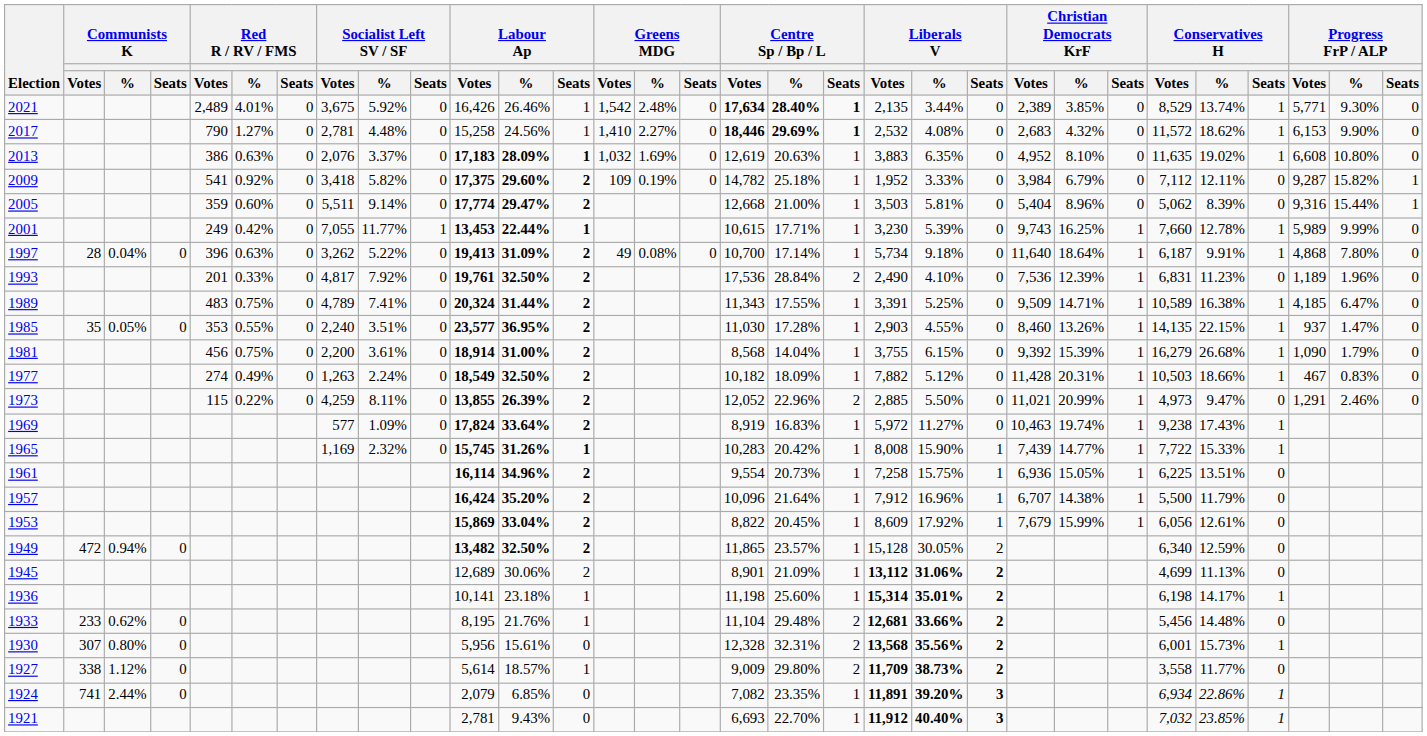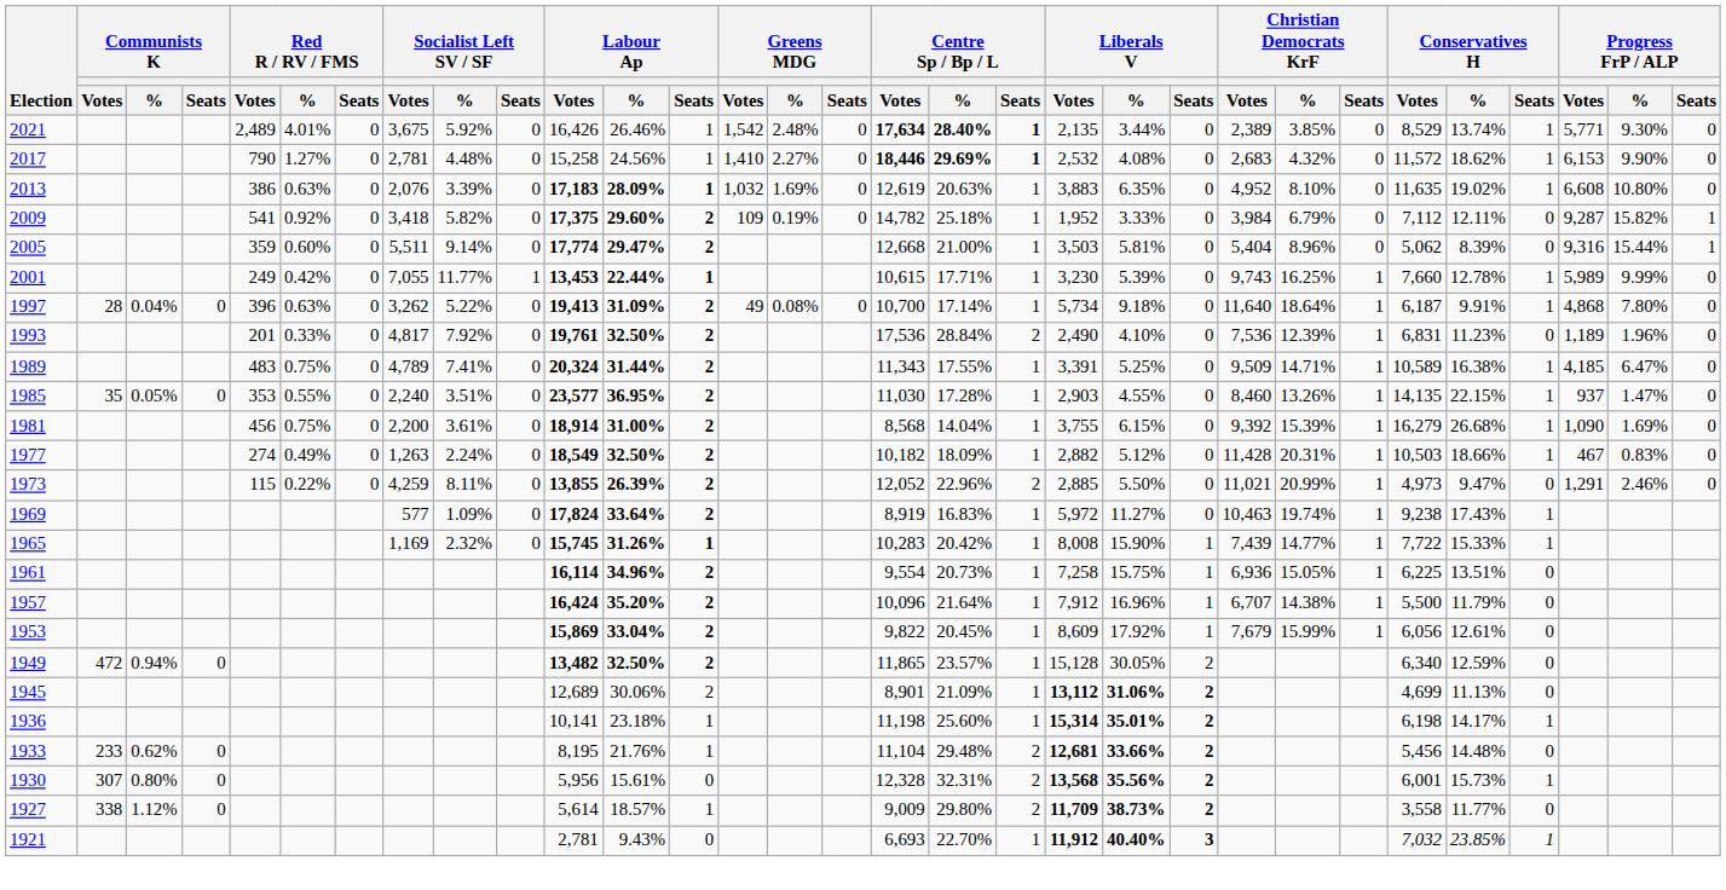 <table class="wikitable" border="1" style="font-size:80%; text-align:right;">
 <tr>
 <th style="text-align:left;" valign=bottom rowspan=3>Election</th>
 <th valign=bottom colspan=3><a href='#'>Communists</a><br>K</th>
 <th valign=bottom colspan=3><a href='#'>Red</a><br>R / RV / FMS</th>
 <th valign=bottom colspan=3><a href='#'>Socialist Left</a><br>SV / SF</th>
 <th valign=bottom colspan=3><a href='#'>Labour</a><br>Ap</th>
 <th valign=bottom colspan=3><a href='#'>Greens</a><br>MDG</th>
 <th valign=bottom colspan=3><a href='#'>Centre</a><br>Sp / Bp / L</th>
 <th valign=bottom colspan=3><a href='#'>Liberals</a><br>V</th>
 <th valign=bottom colspan=3><a href='#'>Christian<br>Democrats</a><br>KrF</th>
 <th valign=bottom colspan=3><a href='#'>Conservatives</a><br>H</th>
 <th valign=bottom colspan=3><a href='#'>Progress</a><br>FrP / ALP</th>
 </tr>
 <tr>
 <th colspan=3 style="background:"></th>
 <th colspan=3 style="background:"></th>
 <th colspan=3 style="background:"></th>
 <th colspan=3 style="background:"></th>
 <th colspan=3 style="background:"></th>
 <th colspan=3 style="background:"></th>
 <th colspan=3 style="background:"></th>
 <th colspan=3 style="background:"></th>
 <th colspan=3 style="background:"></th>
 <th colspan=3 style="background:"></th>
 </tr>
 <tr>
 <th>Votes</th>
 <th>%</th>
 <th>Seats</th>
 <th>Votes</th>
 <th>%</th>
 <th>Seats</th>
 <th>Votes</th>
 <th>%</th>
 <th>Seats</th>
 <th>Votes</th>
 <th>%</th>
 <th>Seats</th>
 <th>Votes</th>
 <th>%</th>
 <th>Seats</th>
 <th>Votes</th>
 <th>%</th>
 <th>Seats</th>
 <th>Votes</th>
 <th>%</th>
 <th>Seats</th>
 <th>Votes</th>
 <th>%</th>
 <th>Seats</th>
 <th>Votes</th>
 <th>%</th>
 <th>Seats</th>
 <th>Votes</th>
 <th>%</th>
 <th>Seats</th>
 </tr>
 <tr>
 <td align=left><a href='#'>2021</a></td>
 <td></td>
 <td></td>
 <td></td>
 <td>2,489</td>
 <td>4.01%</td>
 <td>0</td>
 <td>3,675</td>
 <td>5.92%</td>
 <td>0</td>
 <td>16,426</td>
 <td>26.46%</td>
 <td>1</td>
 <td>1,542</td>
 <td>2.48%</td>
 <td>0</td>
 <td><strong>17,634</strong></td>
 <td><strong>28.40%</strong></td>
 <td><strong>1</strong></td>
 <td>2,135</td>
 <td>3.44%</td>
 <td>0</td>
 <td>2,389</td>
 <td>3.85%</td>
 <td>0</td>
 <td>8,529</td>
 <td>13.74%</td>
 <td>1</td>
 <td>5,771</td>
 <td>9.30%</td>
 <td>0</td>
 </tr>
 <tr>
 <td align=left><a href='#'>2017</a></td>
 <td></td>
 <td></td>
 <td></td>
 <td>790</td>
 <td>1.27%</td>
 <td>0</td>
 <td>2,781</td>
 <td>4.48%</td>
 <td>0</td>
 <td>15,258</td>
 <td>24.56%</td>
 <td>1</td>
 <td>1,410</td>
 <td>2.27%</td>
 <td>0</td>
 <td><strong>18,446</strong></td>
 <td><strong>29.69%</strong></td>
 <td><strong>1</strong></td>
 <td>2,532</td>
 <td>4.08%</td>
 <td>0</td>
 <td>2,683</td>
 <td>4.32%</td>
 <td>0</td>
 <td>11,572</td>
 <td>18.62%</td>
 <td>1</td>
 <td>6,153</td>
 <td>9.90%</td>
 <td>0</td>
 </tr>
 <tr>
 <td align=left><a href='#'>2013</a></td>
 <td></td>
 <td></td>
 <td></td>
 <td>386</td>
 <td>0.63%</td>
 <td>0</td>
 <td>2,076</td>
-<td>3.37%</td>
+<td>3.39%</td>
 <td>0</td>
 <td><strong>17,183</strong></td>
 <td><strong>28.09%</strong></td>
 <td><strong>1</strong></td>
 <td>1,032</td>
 <td>1.69%</td>
 <td>0</td>
 <td>12,619</td>
 <td>20.63%</td>
 <td>1</td>
 <td>3,883</td>
 <td>6.35%</td>
 <td>0</td>
 <td>4,952</td>
 <td>8.10%</td>
 <td>0</td>
 <td>11,635</td>
 <td>19.02%</td>
 <td>1</td>
 <td>6,608</td>
 <td>10.80%</td>
 <td>0</td>
 </tr>
 <tr>
 <td align=left><a href='#'>2009</a></td>
 <td></td>
 <td></td>
 <td></td>
 <td>541</td>
 <td>0.92%</td>
 <td>0</td>
 <td>3,418</td>
 <td>5.82%</td>
 <td>0</td>
 <td><strong>17,375</strong></td>
 <td><strong>29.60%</strong></td>
 <td><strong>2</strong></td>
 <td>109</td>
 <td>0.19%</td>
 <td>0</td>
 <td>14,782</td>
 <td>25.18%</td>
 <td>1</td>
 <td>1,952</td>
 <td>3.33%</td>
 <td>0</td>
 <td>3,984</td>
 <td>6.79%</td>
 <td>0</td>
 <td>7,112</td>
 <td>12.11%</td>
 <td>0</td>
 <td>9,287</td>
 <td>15.82%</td>
 <td>1</td>
 </tr>
 <tr>
 <td align=left><a href='#'>2005</a></td>
 <td></td>
 <td></td>
 <td></td>
 <td>359</td>
 <td>0.60%</td>
 <td>0</td>
 <td>5,511</td>
 <td>9.14%</td>
 <td>0</td>
 <td><strong>17,774</strong></td>
 <td><strong>29.47%</strong></td>
 <td><strong>2</strong></td>
 <td></td>
 <td></td>
 <td></td>
 <td>12,668</td>
 <td>21.00%</td>
 <td>1</td>
 <td>3,503</td>
 <td>5.81%</td>
 <td>0</td>
 <td>5,404</td>
 <td>8.96%</td>
 <td>0</td>
 <td>5,062</td>
 <td>8.39%</td>
 <td>0</td>
 <td>9,316</td>
 <td>15.44%</td>
 <td>1</td>
 </tr>
 <tr>
 <td align=left><a href='#'>2001</a></td>
 <td></td>
 <td></td>
 <td></td>
 <td>249</td>
 <td>0.42%</td>
 <td>0</td>
 <td>7,055</td>
 <td>11.77%</td>
 <td>1</td>
 <td><strong>13,453</strong></td>
 <td><strong>22.44%</strong></td>
 <td><strong>1</strong></td>
 <td></td>
 <td></td>
 <td></td>
 <td>10,615</td>
 <td>17.71%</td>
 <td>1</td>
 <td>3,230</td>
 <td>5.39%</td>
 <td>0</td>
 <td>9,743</td>
 <td>16.25%</td>
 <td>1</td>
 <td>7,660</td>
 <td>12.78%</td>
 <td>1</td>
 <td>5,989</td>
 <td>9.99%</td>
 <td>0</td>
 </tr>
 <tr>
 <td align=left><a href='#'>1997</a></td>
 <td>28</td>
 <td>0.04%</td>
 <td>0</td>
 <td>396</td>
 <td>0.63%</td>
 <td>0</td>
 <td>3,262</td>
 <td>5.22%</td>
 <td>0</td>
 <td><strong>19,413</strong></td>
 <td><strong>31.09%</strong></td>
 <td><strong>2</strong></td>
 <td>49</td>
 <td>0.08%</td>
 <td>0</td>
 <td>10,700</td>
 <td>17.14%</td>
 <td>1</td>
 <td>5,734</td>
 <td>9.18%</td>
 <td>0</td>
 <td>11,640</td>
 <td>18.64%</td>
 <td>1</td>
 <td>6,187</td>
 <td>9.91%</td>
 <td>1</td>
 <td>4,868</td>
 <td>7.80%</td>
 <td>0</td>
 </tr>
 <tr>
 <td align=left><a href='#'>1993</a></td>
 <td></td>
 <td></td>
 <td></td>
 <td>201</td>
 <td>0.33%</td>
 <td>0</td>
 <td>4,817</td>
 <td>7.92%</td>
 <td>0</td>
 <td><strong>19,761</strong></td>
 <td><strong>32.50%</strong></td>
 <td><strong>2</strong></td>
 <td></td>
 <td></td>
 <td></td>
 <td>17,536</td>
 <td>28.84%</td>
 <td>2</td>
 <td>2,490</td>
 <td>4.10%</td>
 <td>0</td>
 <td>7,536</td>
 <td>12.39%</td>
 <td>1</td>
 <td>6,831</td>
 <td>11.23%</td>
 <td>0</td>
 <td>1,189</td>
 <td>1.96%</td>
 <td>0</td>
 </tr>
 <tr>
 <td align=left><a href='#'>1989</a></td>
 <td></td>
 <td></td>
 <td></td>
 <td>483</td>
 <td>0.75%</td>
 <td>0</td>
 <td>4,789</td>
 <td>7.41%</td>
 <td>0</td>
 <td><strong>20,324</strong></td>
 <td><strong>31.44%</strong></td>
 <td><strong>2</strong></td>
 <td></td>
 <td></td>
 <td></td>
 <td>11,343</td>
 <td>17.55%</td>
 <td>1</td>
 <td>3,391</td>
 <td>5.25%</td>
 <td>0</td>
 <td>9,509</td>
 <td>14.71%</td>
 <td>1</td>
 <td>10,589</td>
 <td>16.38%</td>
 <td>1</td>
 <td>4,185</td>
 <td>6.47%</td>
 <td>0</td>
 </tr>
 <tr>
 <td align=left><a href='#'>1985</a></td>
 <td>35</td>
 <td>0.05%</td>
 <td>0</td>
 <td>353</td>
 <td>0.55%</td>
 <td>0</td>
 <td>2,240</td>
 <td>3.51%</td>
 <td>0</td>
 <td><strong>23,577</strong></td>
 <td><strong>36.95%</strong></td>
 <td><strong>2</strong></td>
 <td></td>
 <td></td>
 <td></td>
 <td>11,030</td>
 <td>17.28%</td>
 <td>1</td>
 <td>2,903</td>
 <td>4.55%</td>
 <td>0</td>
 <td>8,460</td>
 <td>13.26%</td>
 <td>1</td>
 <td>14,135</td>
 <td>22.15%</td>
 <td>1</td>
 <td>937</td>
 <td>1.47%</td>
 <td>0</td>
 </tr>
 <tr>
 <td align=left><a href='#'>1981</a></td>
 <td></td>
 <td></td>
 <td></td>
 <td>456</td>
 <td>0.75%</td>
 <td>0</td>
 <td>2,200</td>
 <td>3.61%</td>
 <td>0</td>
 <td><strong>18,914</strong></td>
 <td><strong>31.00%</strong></td>
 <td><strong>2</strong></td>
 <td></td>
 <td></td>
 <td></td>
 <td>8,568</td>
 <td>14.04%</td>
 <td>1</td>
 <td>3,755</td>
 <td>6.15%</td>
 <td>0</td>
 <td>9,392</td>
 <td>15.39%</td>
 <td>1</td>
 <td>16,279</td>
 <td>26.68%</td>
 <td>1</td>
 <td>1,090</td>
-<td>1.79%</td>
+<td>1.69%</td>
 <td>0</td>
 </tr>
 <tr>
 <td align=left><a href='#'>1977</a></td>
 <td></td>
 <td></td>
 <td></td>
 <td>274</td>
 <td>0.49%</td>
 <td>0</td>
 <td>1,263</td>
 <td>2.24%</td>
 <td>0</td>
 <td><strong>18,549</strong></td>
 <td><strong>32.50%</strong></td>
 <td><strong>2</strong></td>
 <td></td>
 <td></td>
 <td></td>
 <td>10,182</td>
 <td>18.09%</td>
 <td>1</td>
-<td>7,882</td>
+<td>2,882</td>
 <td>5.12%</td>
 <td>0</td>
 <td>11,428</td>
 <td>20.31%</td>
 <td>1</td>
 <td>10,503</td>
 <td>18.66%</td>
 <td>1</td>
 <td>467</td>
 <td>0.83%</td>
 <td>0</td>
 </tr>
 <tr>
 <td align=left><a href='#'>1973</a></td>
 <td></td>
 <td></td>
 <td></td>
 <td>115</td>
 <td>0.22%</td>
 <td>0</td>
 <td>4,259</td>
 <td>8.11%</td>
 <td>0</td>
 <td><strong>13,855</strong></td>
 <td><strong>26.39%</strong></td>
 <td><strong>2</strong></td>
 <td></td>
 <td></td>
 <td></td>
 <td>12,052</td>
 <td>22.96%</td>
 <td>2</td>
 <td>2,885</td>
 <td>5.50%</td>
 <td>0</td>
 <td>11,021</td>
 <td>20.99%</td>
 <td>1</td>
 <td>4,973</td>
 <td>9.47%</td>
 <td>0</td>
 <td>1,291</td>
 <td>2.46%</td>
 <td>0</td>
 </tr>
 <tr>
 <td align=left><a href='#'>1969</a></td>
 <td></td>
 <td></td>
 <td></td>
 <td></td>
 <td></td>
 <td></td>
 <td>577</td>
 <td>1.09%</td>
 <td>0</td>
 <td><strong>17,824</strong></td>
 <td><strong>33.64%</strong></td>
 <td><strong>2</strong></td>
 <td></td>
 <td></td>
 <td></td>
 <td>8,919</td>
 <td>16.83%</td>
 <td>1</td>
 <td>5,972</td>
 <td>11.27%</td>
 <td>0</td>
 <td>10,463</td>
 <td>19.74%</td>
 <td>1</td>
 <td>9,238</td>
 <td>17.43%</td>
 <td>1</td>
 <td></td>
 <td></td>
 <td></td>
 </tr>
 <tr>
 <td align=left><a href='#'>1965</a></td>
 <td></td>
 <td></td>
 <td></td>
 <td></td>
 <td></td>
 <td></td>
 <td>1,169</td>
 <td>2.32%</td>
 <td>0</td>
 <td><strong>15,745</strong></td>
 <td><strong>31.26%</strong></td>
 <td><strong>1</strong></td>
 <td></td>
 <td></td>
 <td></td>
 <td>10,283</td>
 <td>20.42%</td>
 <td>1</td>
 <td>8,008</td>
 <td>15.90%</td>
 <td>1</td>
 <td>7,439</td>
 <td>14.77%</td>
 <td>1</td>
 <td>7,722</td>
 <td>15.33%</td>
 <td>1</td>
 <td></td>
 <td></td>
 <td></td>
 </tr>
 <tr>
 <td align=left><a href='#'>1961</a></td>
 <td></td>
 <td></td>
 <td></td>
 <td></td>
 <td></td>
 <td></td>
 <td></td>
 <td></td>
 <td></td>
 <td><strong>16,114</strong></td>
 <td><strong>34.96%</strong></td>
 <td><strong>2</strong></td>
 <td></td>
 <td></td>
 <td></td>
 <td>9,554</td>
 <td>20.73%</td>
 <td>1</td>
 <td>7,258</td>
 <td>15.75%</td>
 <td>1</td>
 <td>6,936</td>
 <td>15.05%</td>
 <td>1</td>
 <td>6,225</td>
 <td>13.51%</td>
 <td>0</td>
 <td></td>
 <td></td>
 <td></td>
 </tr>
 <tr>
 <td align=left><a href='#'>1957</a></td>
 <td></td>
 <td></td>
 <td></td>
 <td></td>
 <td></td>
 <td></td>
 <td></td>
 <td></td>
 <td></td>
 <td><strong>16,424</strong></td>
 <td><strong>35.20%</strong></td>
 <td><strong>2</strong></td>
 <td></td>
 <td></td>
 <td></td>
 <td>10,096</td>
 <td>21.64%</td>
 <td>1</td>
 <td>7,912</td>
 <td>16.96%</td>
 <td>1</td>
 <td>6,707</td>
 <td>14.38%</td>
 <td>1</td>
 <td>5,500</td>
 <td>11.79%</td>
 <td>0</td>
 <td></td>
 <td></td>
 <td></td>
 </tr>
 <tr>
 <td align=left><a href='#'>1953</a></td>
 <td></td>
 <td></td>
 <td></td>
 <td></td>
 <td></td>
 <td></td>
 <td></td>
 <td></td>
 <td></td>
 <td><strong>15,869</strong></td>
 <td><strong>33.04%</strong></td>
 <td><strong>2</strong></td>
 <td></td>
 <td></td>
 <td></td>
-<td>8,822</td>
+<td>9,822</td>
 <td>20.45%</td>
 <td>1</td>
 <td>8,609</td>
 <td>17.92%</td>
 <td>1</td>
 <td>7,679</td>
 <td>15.99%</td>
 <td>1</td>
 <td>6,056</td>
 <td>12.61%</td>
 <td>0</td>
 <td></td>
 <td></td>
 <td></td>
 </tr>
 <tr>
 <td align=left><a href='#'>1949</a></td>
 <td>472</td>
 <td>0.94%</td>
 <td>0</td>
 <td></td>
 <td></td>
 <td></td>
 <td></td>
 <td></td>
 <td></td>
 <td><strong>13,482</strong></td>
 <td><strong>32.50%</strong></td>
 <td><strong>2</strong></td>
 <td></td>
 <td></td>
 <td></td>
 <td>11,865</td>
 <td>23.57%</td>
 <td>1</td>
 <td>15,128</td>
 <td>30.05%</td>
 <td>2</td>
 <td></td>
 <td></td>
 <td></td>
 <td>6,340</td>
 <td>12.59%</td>
 <td>0</td>
 <td></td>
 <td></td>
 <td></td>
 </tr>
 <tr>
 <td align=left><a href='#'>1945</a></td>
 <td></td>
 <td></td>
 <td></td>
 <td></td>
 <td></td>
 <td></td>
 <td></td>
 <td></td>
 <td></td>
 <td>12,689</td>
 <td>30.06%</td>
 <td>2</td>
 <td></td>
 <td></td>
 <td></td>
 <td>8,901</td>
 <td>21.09%</td>
 <td>1</td>
 <td><strong>13,112</strong></td>
 <td><strong>31.06%</strong></td>
 <td><strong>2</strong></td>
 <td></td>
 <td></td>
 <td></td>
 <td>4,699</td>
 <td>11.13%</td>
 <td>0</td>
 <td></td>
 <td></td>
 <td></td>
 </tr>
 <tr>
 <td align=left><a href='#'>1936</a></td>
 <td></td>
 <td></td>
 <td></td>
 <td></td>
 <td></td>
 <td></td>
 <td></td>
 <td></td>
 <td></td>
 <td>10,141</td>
 <td>23.18%</td>
 <td>1</td>
 <td></td>
 <td></td>
 <td></td>
 <td>11,198</td>
 <td>25.60%</td>
 <td>1</td>
 <td><strong>15,314</strong></td>
 <td><strong>35.01%</strong></td>
 <td><strong>2</strong></td>
 <td></td>
 <td></td>
 <td></td>
 <td>6,198</td>
 <td>14.17%</td>
 <td>1</td>
 <td></td>
 <td></td>
 <td></td>
 </tr>
 <tr>
 <td align=left><a href='#'>1933</a></td>
 <td>233</td>
 <td>0.62%</td>
 <td>0</td>
 <td></td>
 <td></td>
 <td></td>
 <td></td>
 <td></td>
 <td></td>
 <td>8,195</td>
 <td>21.76%</td>
 <td>1</td>
 <td></td>
 <td></td>
 <td></td>
 <td>11,104</td>
 <td>29.48%</td>
 <td>2</td>
 <td><strong>12,681</strong></td>
 <td><strong>33.66%</strong></td>
 <td><strong>2</strong></td>
 <td></td>
 <td></td>
 <td></td>
 <td>5,456</td>
 <td>14.48%</td>
 <td>0</td>
 <td></td>
 <td></td>
 <td></td>
 </tr>
 <tr>
 <td align=left><a href='#'>1930</a></td>
 <td>307</td>
 <td>0.80%</td>
 <td>0</td>
 <td></td>
 <td></td>
 <td></td>
 <td></td>
 <td></td>
 <td></td>
 <td>5,956</td>
 <td>15.61%</td>
 <td>0</td>
 <td></td>
 <td></td>
 <td></td>
 <td>12,328</td>
 <td>32.31%</td>
 <td>2</td>
 <td><strong>13,568</strong></td>
 <td><strong>35.56%</strong></td>
 <td><strong>2</strong></td>
 <td></td>
 <td></td>
 <td></td>
 <td>6,001</td>
 <td>15.73%</td>
 <td>1</td>
 <td></td>
 <td></td>
 <td></td>
 </tr>
 <tr>
 <td align=left><a href='#'>1927</a></td>
 <td>338</td>
 <td>1.12%</td>
 <td>0</td>
 <td></td>
 <td></td>
 <td></td>
 <td></td>
 <td></td>
 <td></td>
 <td>5,614</td>
 <td>18.57%</td>
 <td>1</td>
 <td></td>
 <td></td>
 <td></td>
 <td>9,009</td>
 <td>29.80%</td>
 <td>2</td>
 <td><strong>11,709</strong></td>
 <td><strong>38.73%</strong></td>
 <td><strong>2</strong></td>
 <td></td>
 <td></td>
 <td></td>
 <td>3,558</td>
 <td>11.77%</td>
 <td>0</td>
 <td></td>
 <td></td>
 <td></td>
 </tr>
 <tr>
-<td align=left><a href='#'>1924</a></td>
-<td>741</td>
-<td>2.44%</td>
-<td>0</td>
-<td></td>
-<td></td>
-<td></td>
-<td></td>
-<td></td>
-<td></td>
-<td>2,079</td>
-<td>6.85%</td>
-<td>0</td>
-<td></td>
-<td></td>
-<td></td>
-<td>7,082</td>
-<td>23.35%</td>
-<td>1</td>
-<td><strong>11,891</strong></td>
-<td><strong>39.20%</strong></td>
-<td><strong>3</strong></td>
-<td></td>
-<td></td>
-<td></td>
-<td><em>6,934</em></td>
-<td><em>22.86%</em></td>
-<td><em>1</em></td>
-<td></td>
-<td></td>
-<td></td>
-</tr>
-<tr>
 <td align=left><a href='#'>1921</a></td>
 <td></td>
 <td></td>
 <td></td>
 <td></td>
 <td></td>
 <td></td>
 <td></td>
 <td></td>
 <td></td>
 <td>2,781</td>
 <td>9.43%</td>
 <td>0</td>
 <td></td>
 <td></td>
 <td></td>
 <td>6,693</td>
 <td>22.70%</td>
 <td>1</td>
 <td><strong>11,912</strong></td>
 <td><strong>40.40%</strong></td>
 <td><strong>3</strong></td>
 <td></td>
 <td></td>
 <td></td>
 <td><em>7,032</em></td>
 <td><em>23.85%</em></td>
 <td><em>1</em></td>
 <td></td>
 <td></td>
 <td></td>
 </tr>
 </table>
